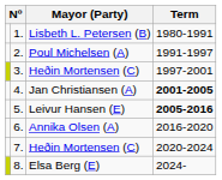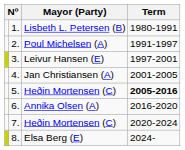 <table class="wikitable sortable" text-align:center>
 <tr>
 <th colspan="2">Nº</th>
 <th>Mayor (Party)</th>
 <th>Term</th>
 </tr>
 <tr>
 <td></td>
 <td>1.</td>
 <td><a href='#'>Lisbeth L. Petersen</a> (<a href='#'>B</a>)</td>
 <td>1980-1991</td>
 </tr>
 <tr>
 <td></td>
 <td>2.</td>
 <td><a href='#'>Poul Michelsen</a> (<a href='#'>A</a>)</td>
 <td>1991-1997</td>
 </tr>
 <tr>
 <td bgcolor="#C8D300"></td>
 <td>3.</td>
-<td><a href='#'>Heðin Mortensen</a> (<a href='#'>C</a>)</td>
+<td>Leivur Hansen (<a href='#'>E</a>)</td>
 <td>1997-2001</td>
 </tr>
 <tr>
 <td></td>
 <td>4.</td>
 <td>Jan Christiansen (<a href='#'>A</a>)</td>
-<td><strong>2001-2005</strong></td>
+<td>2001-2005</td>
 </tr>
 <tr>
 <td></td>
 <td>5.</td>
-<td>Leivur Hansen (<a href='#'>E</a>)</td>
+<td><a href='#'>Heðin Mortensen</a> (<a href='#'>C</a>)</td>
 <td><strong>2005-2016</strong></td>
 </tr>
 <tr>
 <td></td>
 <td>6.</td>
 <td><a href='#'>Annika Olsen</a> (<a href='#'>A</a>)</td>
 <td>2016-2020</td>
 </tr>
 <tr>
 <td></td>
 <td>7.</td>
 <td><a href='#'>Heðin Mortensen</a> (<a href='#'>C</a>)</td>
 <td>2020-2024</td>
 </tr>
 <tr>
 <td bgcolor="#C8D300"></td>
 <td>8.</td>
 <td>Elsa Berg (<a href='#'>E</a>)</td>
 <td>2024-</td>
 </tr>
 </table>
